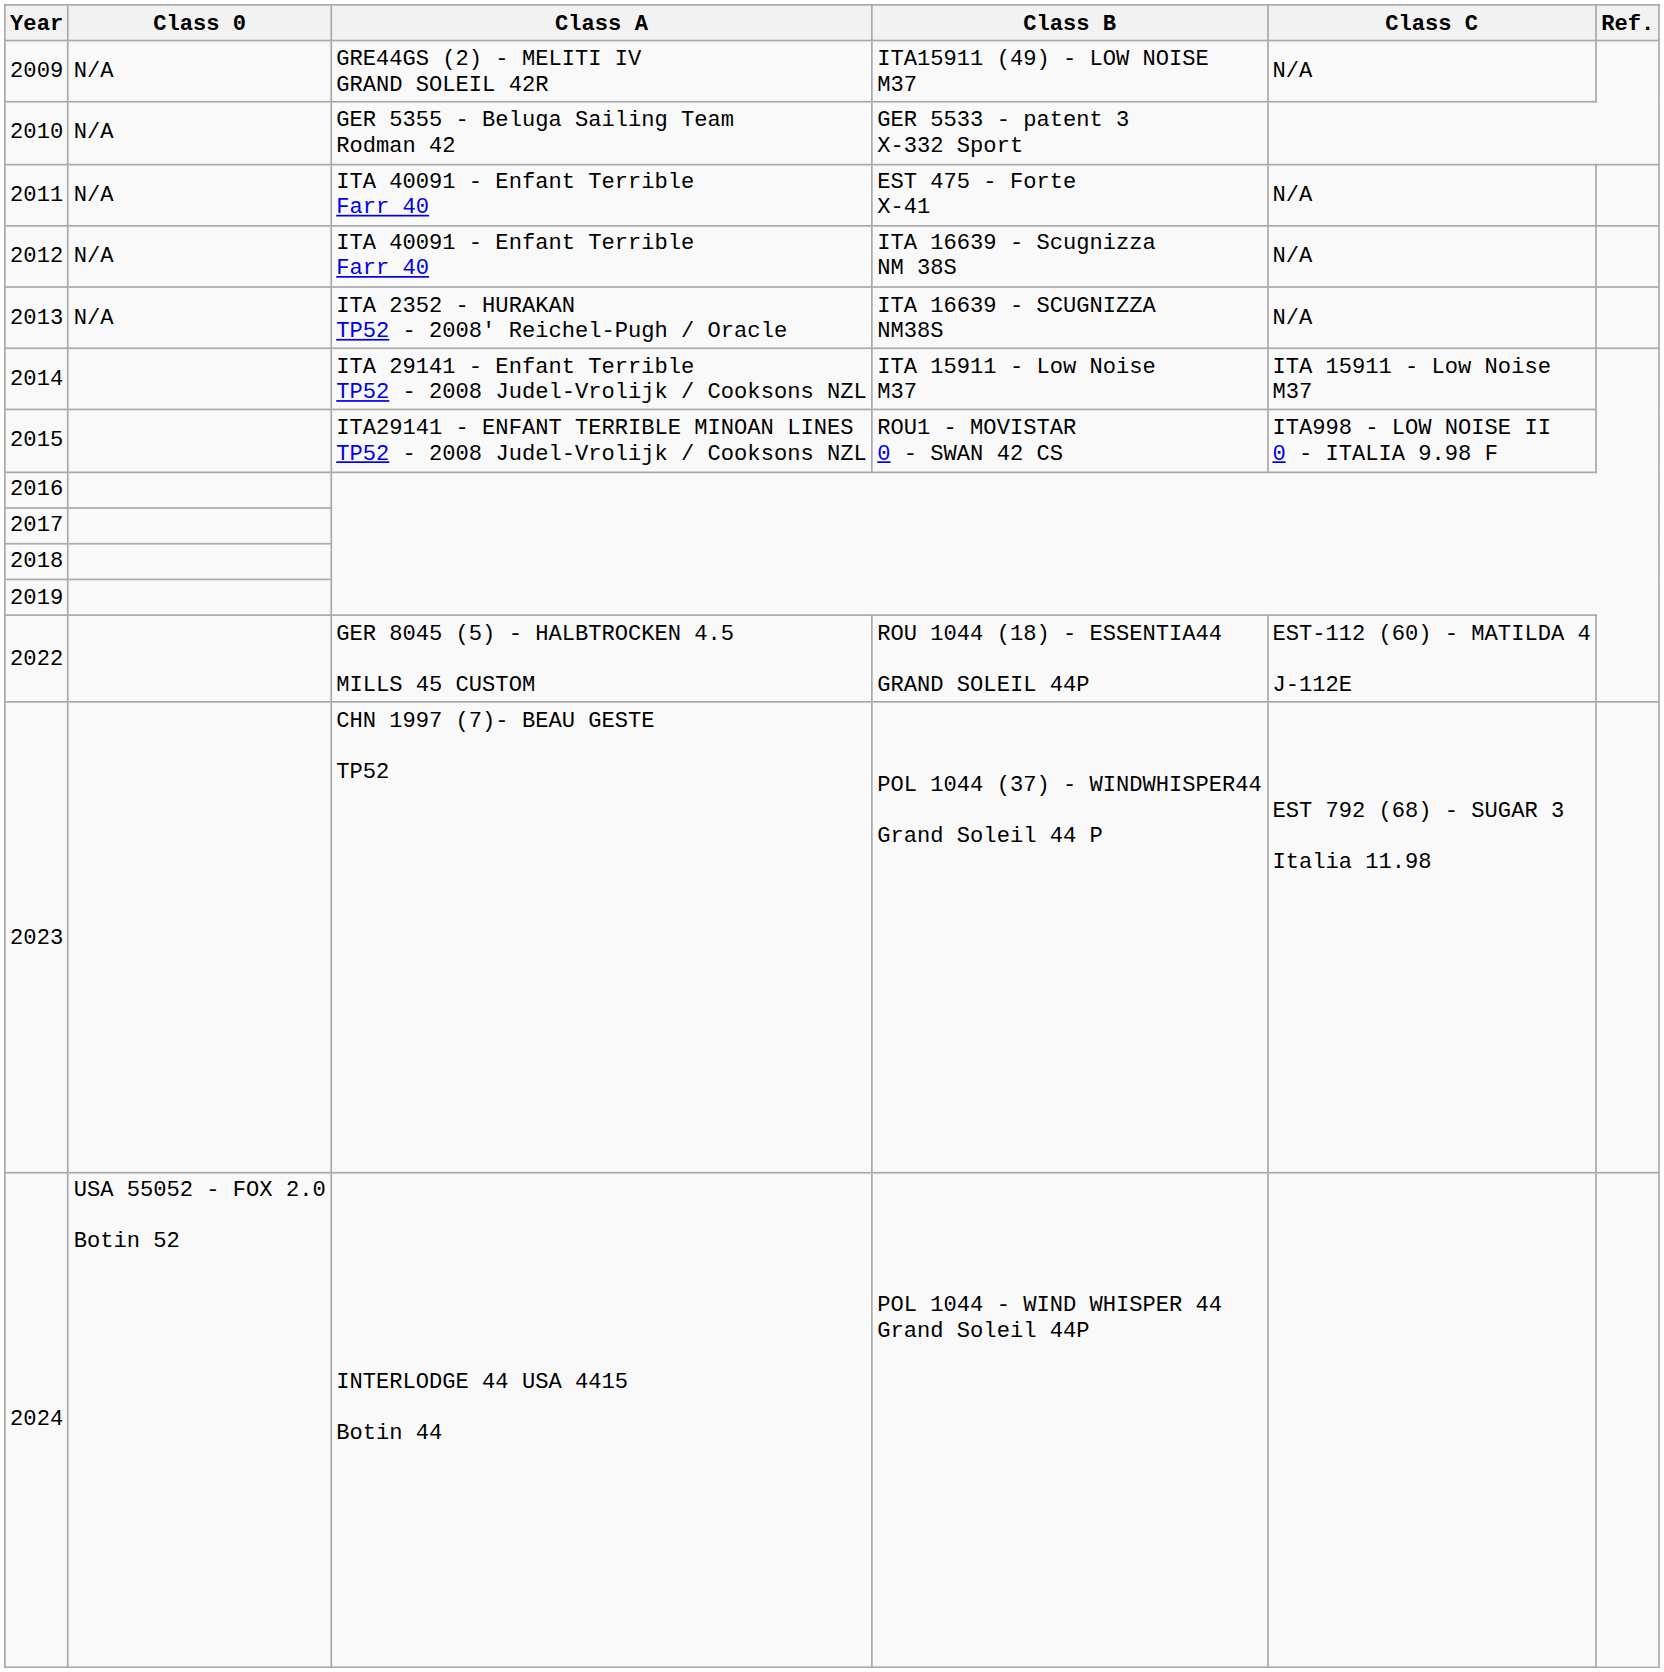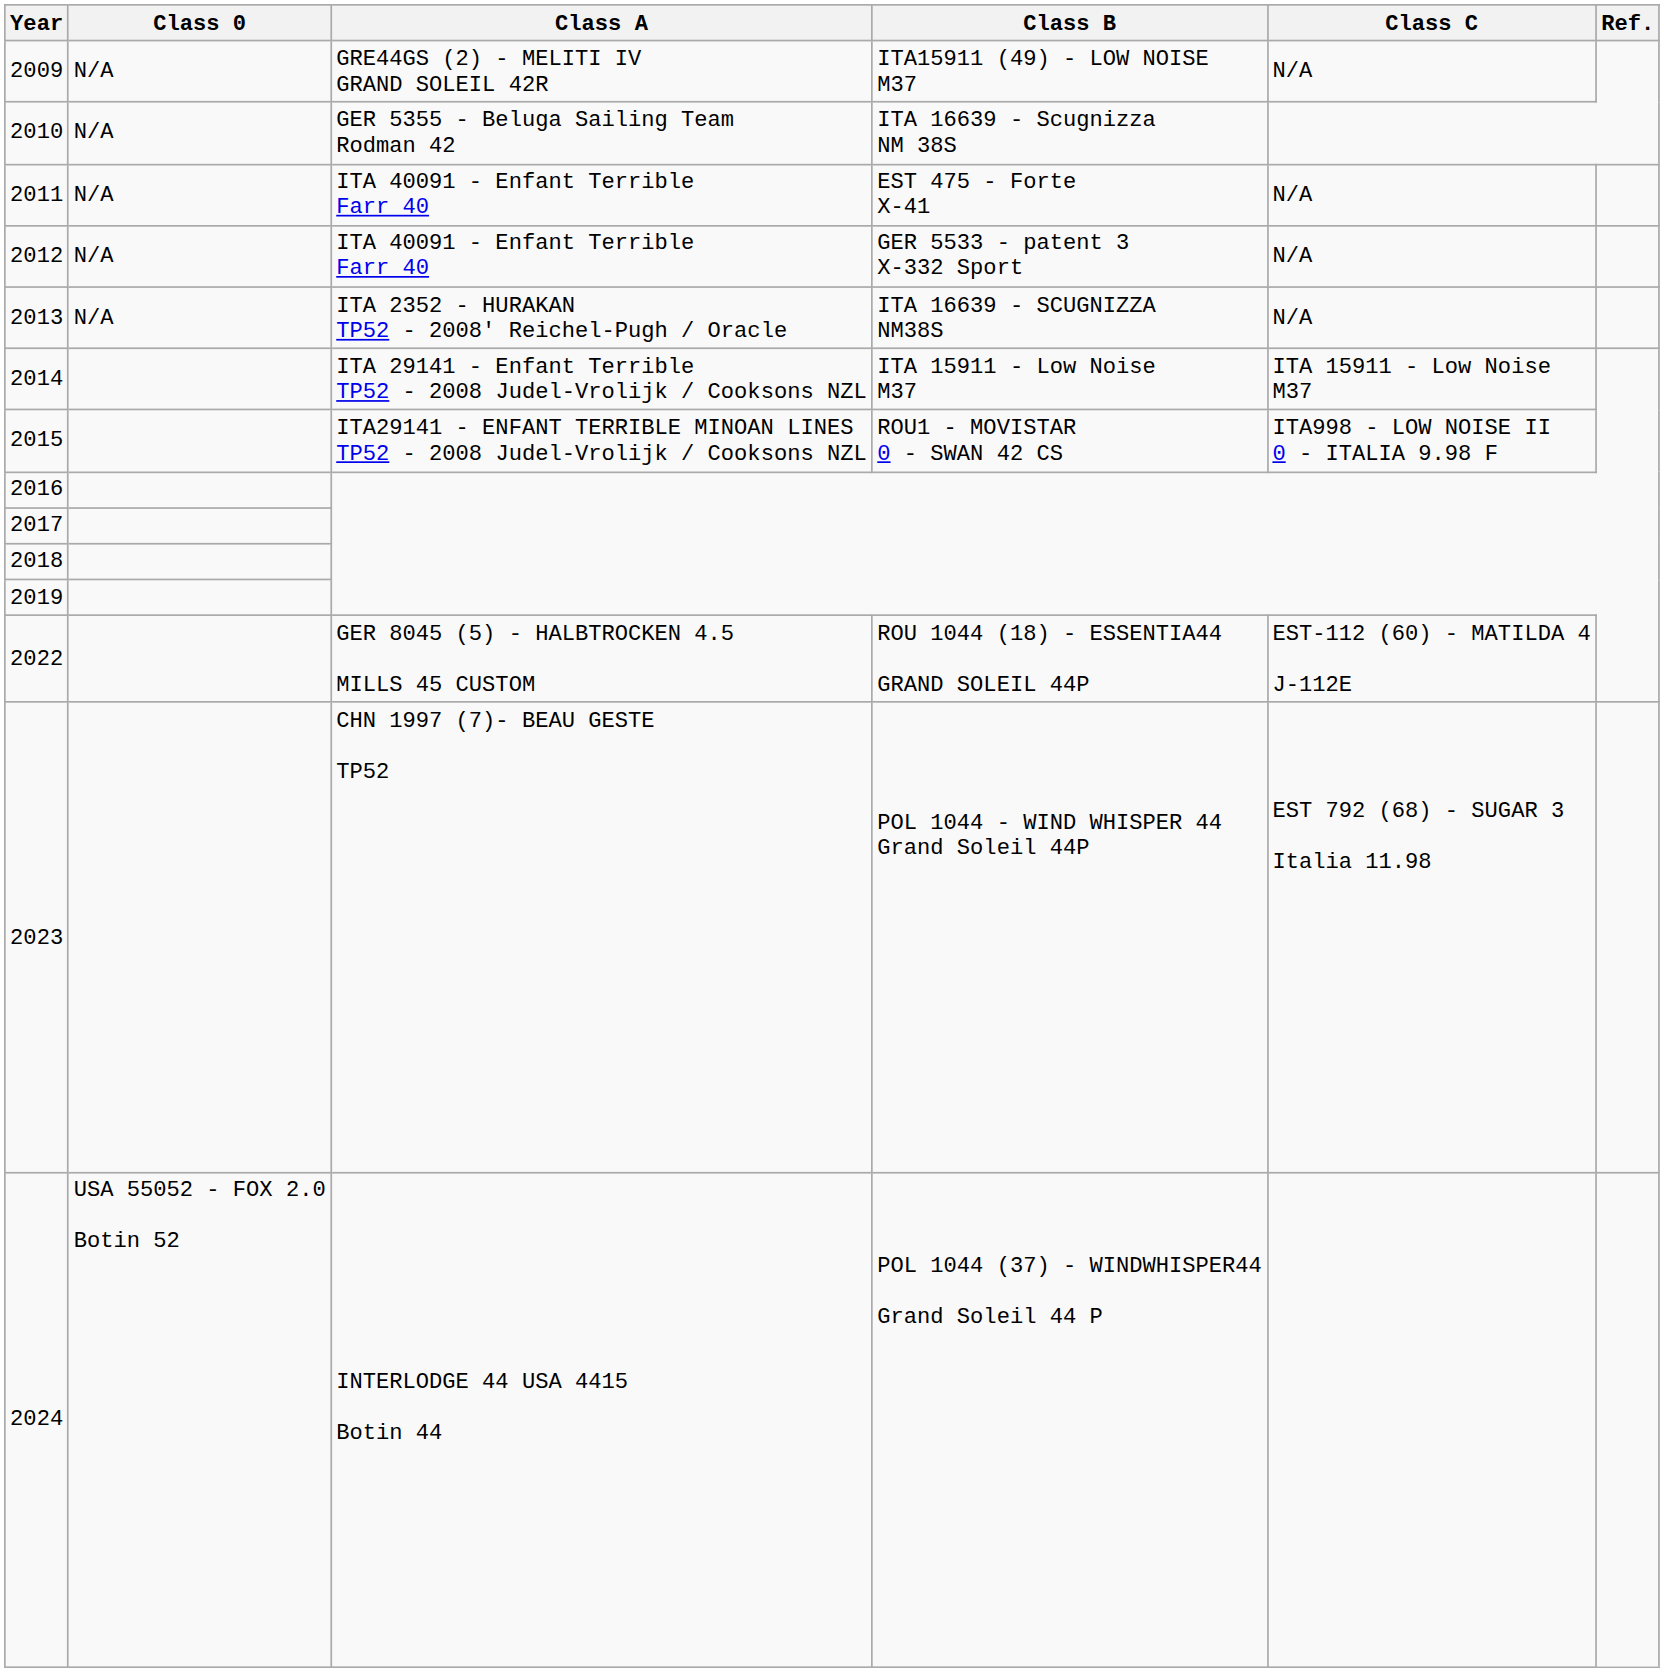 <table class="wikitable sortable">
 <tr>
 <th>Year</th>
 <th>Class 0</th>
 <th>Class A</th>
 <th>Class B</th>
 <th>Class C</th>
 <th>Ref.</th>
 </tr>
 <tr>
 <td>2009</td>
 <td>N/A</td>
 <td>GRE44GS (2) - MELITI IV<br>GRAND SOLEIL 42R</td>
 <td>ITA15911 (49) - LOW NOISE<br>M37<br></td>
 <td>N/A</td>
 </tr>
 <tr>
 <td>2010</td>
 <td>N/A</td>
 <td>GER 5355 - Beluga Sailing Team <br> Rodman 42<br> </td>
-<td>GER 5533 - patent 3 <br> X-332 Sport<br> </td>
+<td>ITA 16639 - Scugnizza <br>NM 38S<br> </td>
 </tr>
 <tr>
 <td>2011</td>
 <td>N/A</td>
 <td>ITA 40091  - Enfant Terrible<br><a href='#'>Farr 40</a><br> </td>
 <td>EST 475  - Forte <br> X-41<br> </td>
 <td>N/A</td>
 <td></td>
 </tr>
 <tr>
 <td>2012</td>
 <td>N/A</td>
 <td>ITA 40091 - Enfant Terrible <br> <a href='#'>Farr 40</a><br> </td>
-<td>ITA 16639 - Scugnizza <br>NM 38S<br> </td>
+<td>GER 5533 - patent 3 <br> X-332 Sport<br> </td>
 <td>N/A</td>
 <td></td>
 </tr>
 <tr>
 <td>2013</td>
 <td>N/A</td>
 <td>ITA 2352  - HURAKAN<br> <a href='#'>TP52</a> - 2008' Reichel-Pugh / Oracle<br> </td>
 <td>ITA 16639 - SCUGNIZZA<br>NM38S<br> </td>
 <td>N/A</td>
 <td></td>
 </tr>
 <tr>
 <td>2014</td>
 <td></td>
 <td>ITA 29141  - Enfant Terrible <br> <a href='#'>TP52</a> - 2008 Judel-Vrolijk / Cooksons NZL<br> </td>
 <td>ITA 15911 - Low Noise<br>M37<br> </td>
 <td>ITA 15911  - Low Noise <br> M37<br> </td>
 </tr>
 <tr>
 <td>2015</td>
 <td></td>
 <td>ITA29141 - ENFANT TERRIBLE MINOAN LINES<br> <a href='#'>TP52</a> - 2008 Judel-Vrolijk / Cooksons NZL<br> </td>
 <td>ROU1 - MOVISTAR<br> <a href='#'>0</a> - SWAN 42 CS<br> </td>
 <td>ITA998 - LOW NOISE II<br> <a href='#'>0</a> - ITALIA 9.98 F<br> </td>
 </tr>
 <tr>
 <td>2016</td>
 <td></td>
 </tr>
 <tr>
 <td>2017</td>
 <td></td>
 </tr>
 <tr>
 <td>2018</td>
 <td></td>
 </tr>
 <tr>
 <td>2019</td>
 <td></td>
 </tr>
 <tr>
 <td>2022</td>
 <td></td>
 <td>GER 8045 (5) - HALBTROCKEN 4.5<br><br>MILLS 45 CUSTOM<br> </td>
 <td>ROU 1044 (18) - ESSENTIA44<br><br>GRAND SOLEIL 44P<br> </td>
 <td>EST-112 (60) - MATILDA 4<br><br>J-112E<br> </td>
 </tr>
 <tr>
 <td>2023</td>
 <td></td>
 <td>CHN 1997 (7)- BEAU GESTE<br><br>TP52<br> <br> <br> <br> <br> <br> <br> <br> <br> <br> <br> <br> <br> <br> <br> <br></td>
-<td>POL 1044 (37) - WINDWHISPER44<br><br>Grand Soleil 44 P<br> <br> <br> <br> <br> <br> <br> <br> <br> <br> <br></td>
+<td>POL 1044 - WIND WHISPER 44<br>Grand Soleil 44P<br><br><br> <br> <br> <br> <br> <br> <br> </td>
 <td>EST 792 (68) - SUGAR 3<br><br>Italia 11.98<br> <br> <br> <br> <br> <br> <br> <br> <br> </td>
 <td></td>
 </tr>
 <tr>
 <td>2024</td>
 <td>USA 55052 - FOX 2.0<br><br>Botin 52<br> <br> <br> <br> <br> <br> <br> <br> <br> <br> <br> <br> <br> <br> <br> <br> <br> </td>
 <td>INTERLODGE 44	USA 4415<br><br>Botin 44<br> <br> </td>
-<td>POL 1044 - WIND WHISPER 44<br>Grand Soleil 44P<br><br><br> <br> <br> <br> <br> <br> <br> </td>
+<td>POL 1044 (37) - WINDWHISPER44<br><br>Grand Soleil 44 P<br> <br> <br> <br> <br> <br> <br> <br> <br> <br> <br></td>
 <td></td>
 </tr>
 <tr>
 </tr>
 </table>
